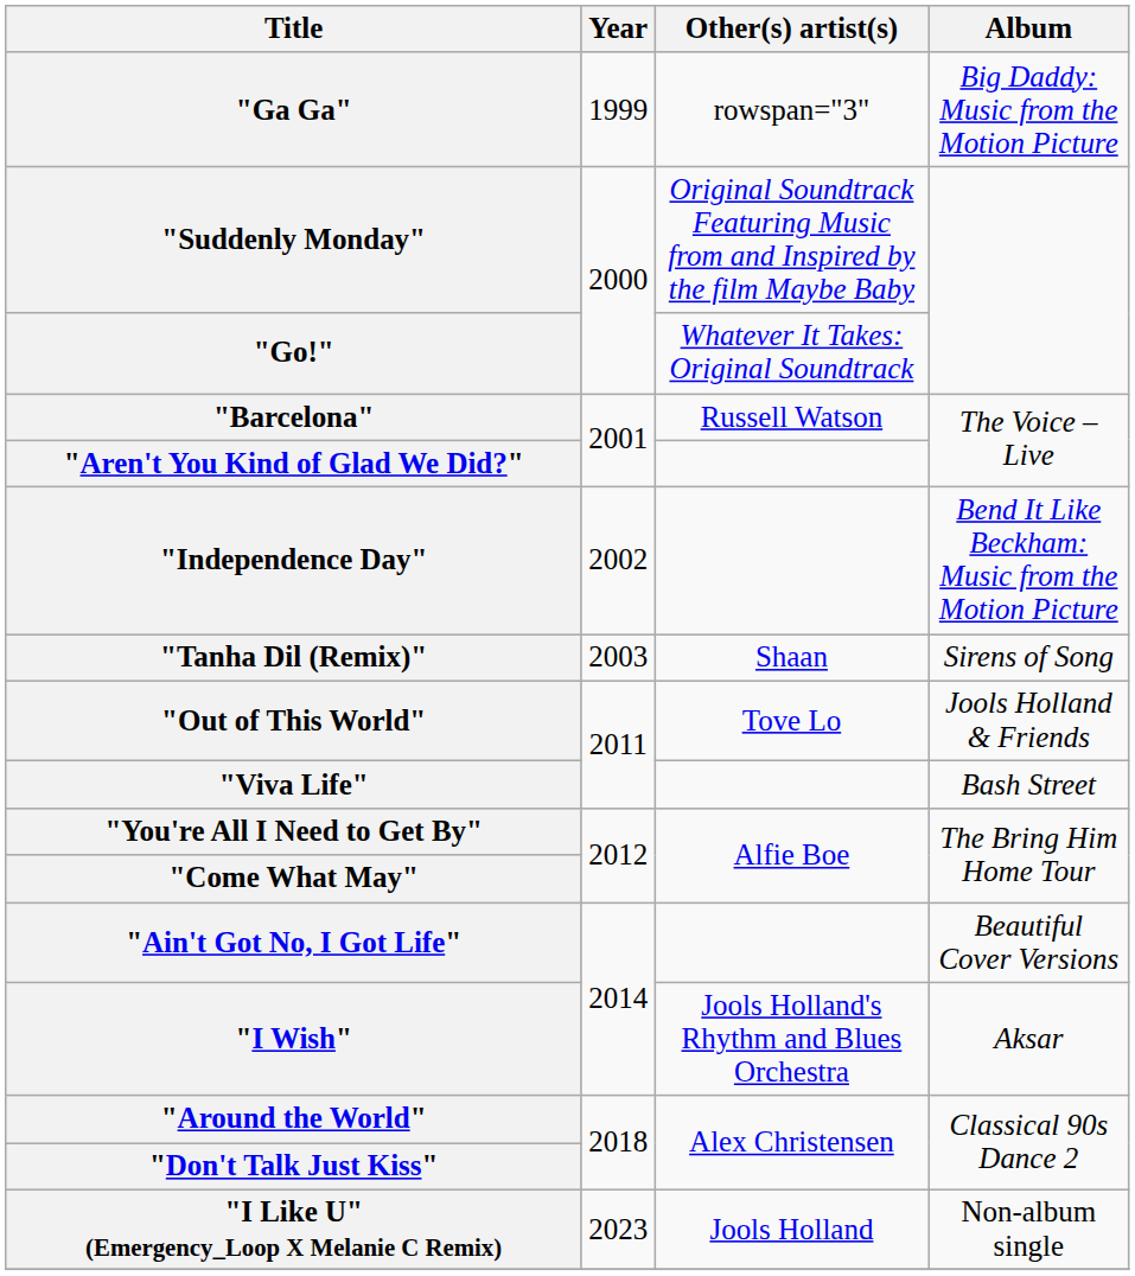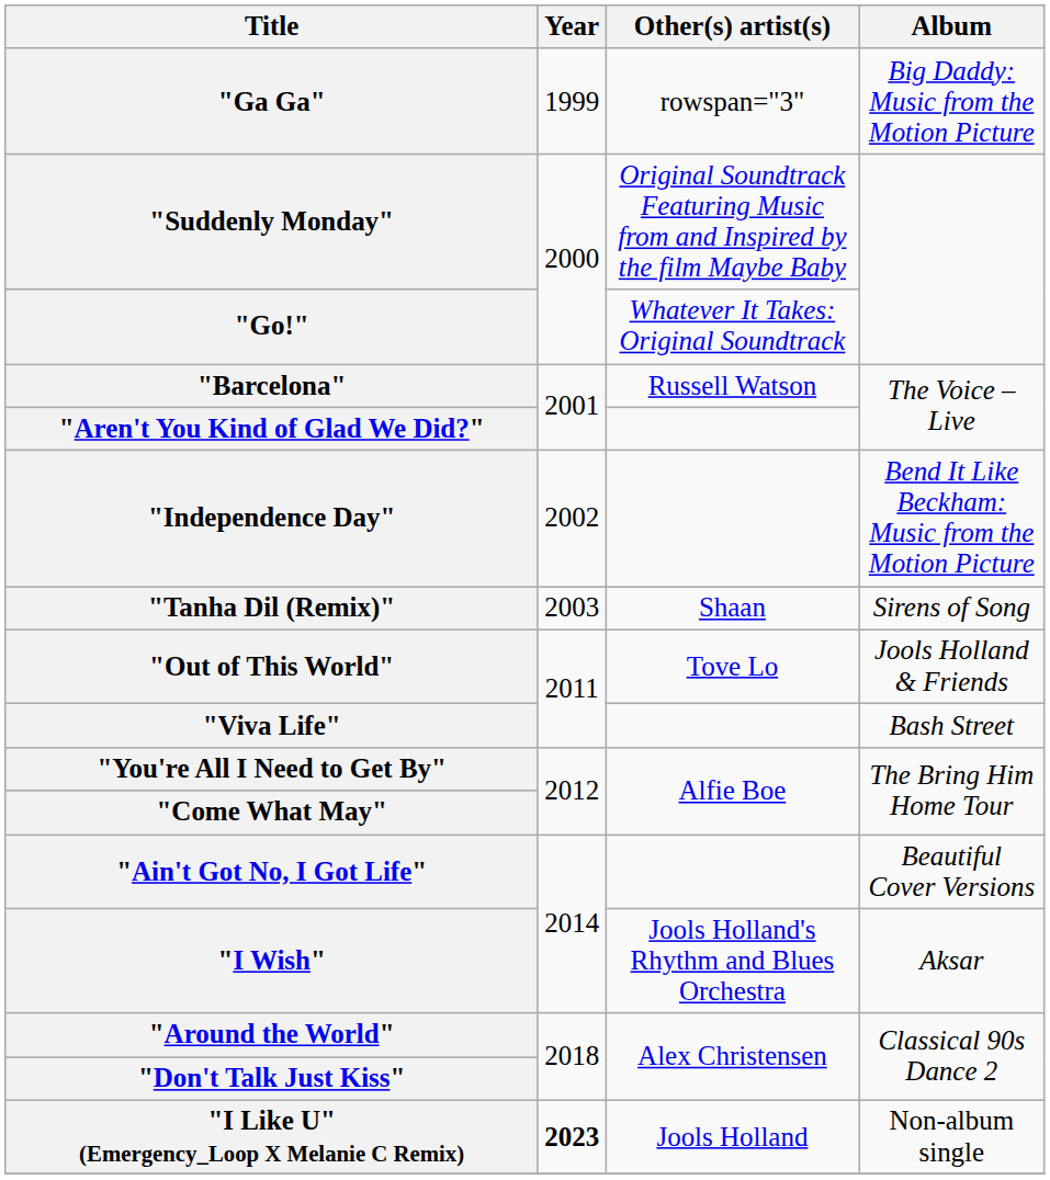 <table class="wikitable plainrowheaders" style="text-align:center;" border="1">
 <tr>
 <th scope="col" style="width:19em;">Title</th>
 <th scope="col" style="width:1em;">Year</th>
 <th scope="col">Other(s) artist(s)</th>
 <th scope="col">Album</th>
 </tr>
 <tr>
 <th scope="row">"Ga Ga"</th>
 <td>1999</td>
 <td>rowspan="3" </td>
 <td><em><a href='#'>Big Daddy: Music from the Motion Picture</a></em></td>
 </tr>
 <tr>
 <th scope="row">"Suddenly Monday"</th>
 <td rowspan="2">2000</td>
 <td><em><a href='#'>Original Soundtrack Featuring Music from and Inspired by the film Maybe Baby</a></em></td>
 </tr>
 <tr>
 <th scope="row">"Go!"</th>
 <td><em><a href='#'>Whatever It Takes: Original Soundtrack</a></em></td>
 </tr>
 <tr>
 <th scope="row">"Barcelona"</th>
 <td rowspan="2">2001</td>
 <td><a href='#'>Russell Watson</a></td>
 <td rowspan="2"><em>The Voice – Live</em></td>
 </tr>
 <tr>
 <th scope="row">"<a href='#'>Aren't You Kind of Glad We Did?</a>"</th>
 <td></td>
 </tr>
 <tr>
 <th scope="row">"Independence Day"</th>
 <td>2002</td>
 <td></td>
 <td><em><a href='#'>Bend It Like Beckham: Music from the Motion Picture</a></em></td>
 </tr>
 <tr>
 <th scope="row">"Tanha Dil (Remix)"</th>
 <td>2003</td>
 <td><a href='#'>Shaan</a></td>
 <td><em>Sirens of Song</em></td>
 </tr>
 <tr>
 <th scope="row">"Out of This World"</th>
 <td rowspan="2">2011</td>
 <td><a href='#'>Tove Lo</a></td>
 <td><em>Jools Holland & Friends</em></td>
 </tr>
 <tr>
 <th scope="row">"Viva Life"</th>
 <td></td>
 <td><em>Bash Street</em></td>
 </tr>
 <tr>
 <th scope="row">"You're All I Need to Get By"</th>
 <td rowspan="2">2012</td>
 <td rowspan="2"><a href='#'>Alfie Boe</a></td>
 <td rowspan="2"><em>The Bring Him Home Tour</em></td>
 </tr>
 <tr>
 <th scope="row">"Come What May"</th>
 </tr>
 <tr>
 <th scope="row">"<a href='#'>Ain't Got No, I Got Life</a>"</th>
 <td rowspan="2">2014</td>
 <td></td>
 <td><em>Beautiful Cover Versions</em></td>
 </tr>
 <tr>
 <th scope="row">"<a href='#'>I Wish</a>"</th>
 <td><a href='#'>Jools Holland's Rhythm and Blues Orchestra</a></td>
 <td><em>Aksar</em></td>
 </tr>
 <tr>
 <th scope="row">"<a href='#'>Around the World</a>"</th>
 <td rowspan="2">2018</td>
 <td rowspan="2"><a href='#'>Alex Christensen</a></td>
 <td rowspan="2"><em>Classical 90s Dance 2</em></td>
 </tr>
 <tr>
 <th scope="row">"<a href='#'>Don't Talk Just Kiss</a>"</th>
 </tr>
 <tr>
 <th scope="row">"I Like U" <br><small>(Emergency_Loop X Melanie C Remix)</small></th>
-<td>2023</td>
+<td><strong>2023</strong></td>
 <td><a href='#'>Jools Holland</a></td>
 <td>Non-album single</td>
 </tr>
 <tr>
 </tr>
 </table>
